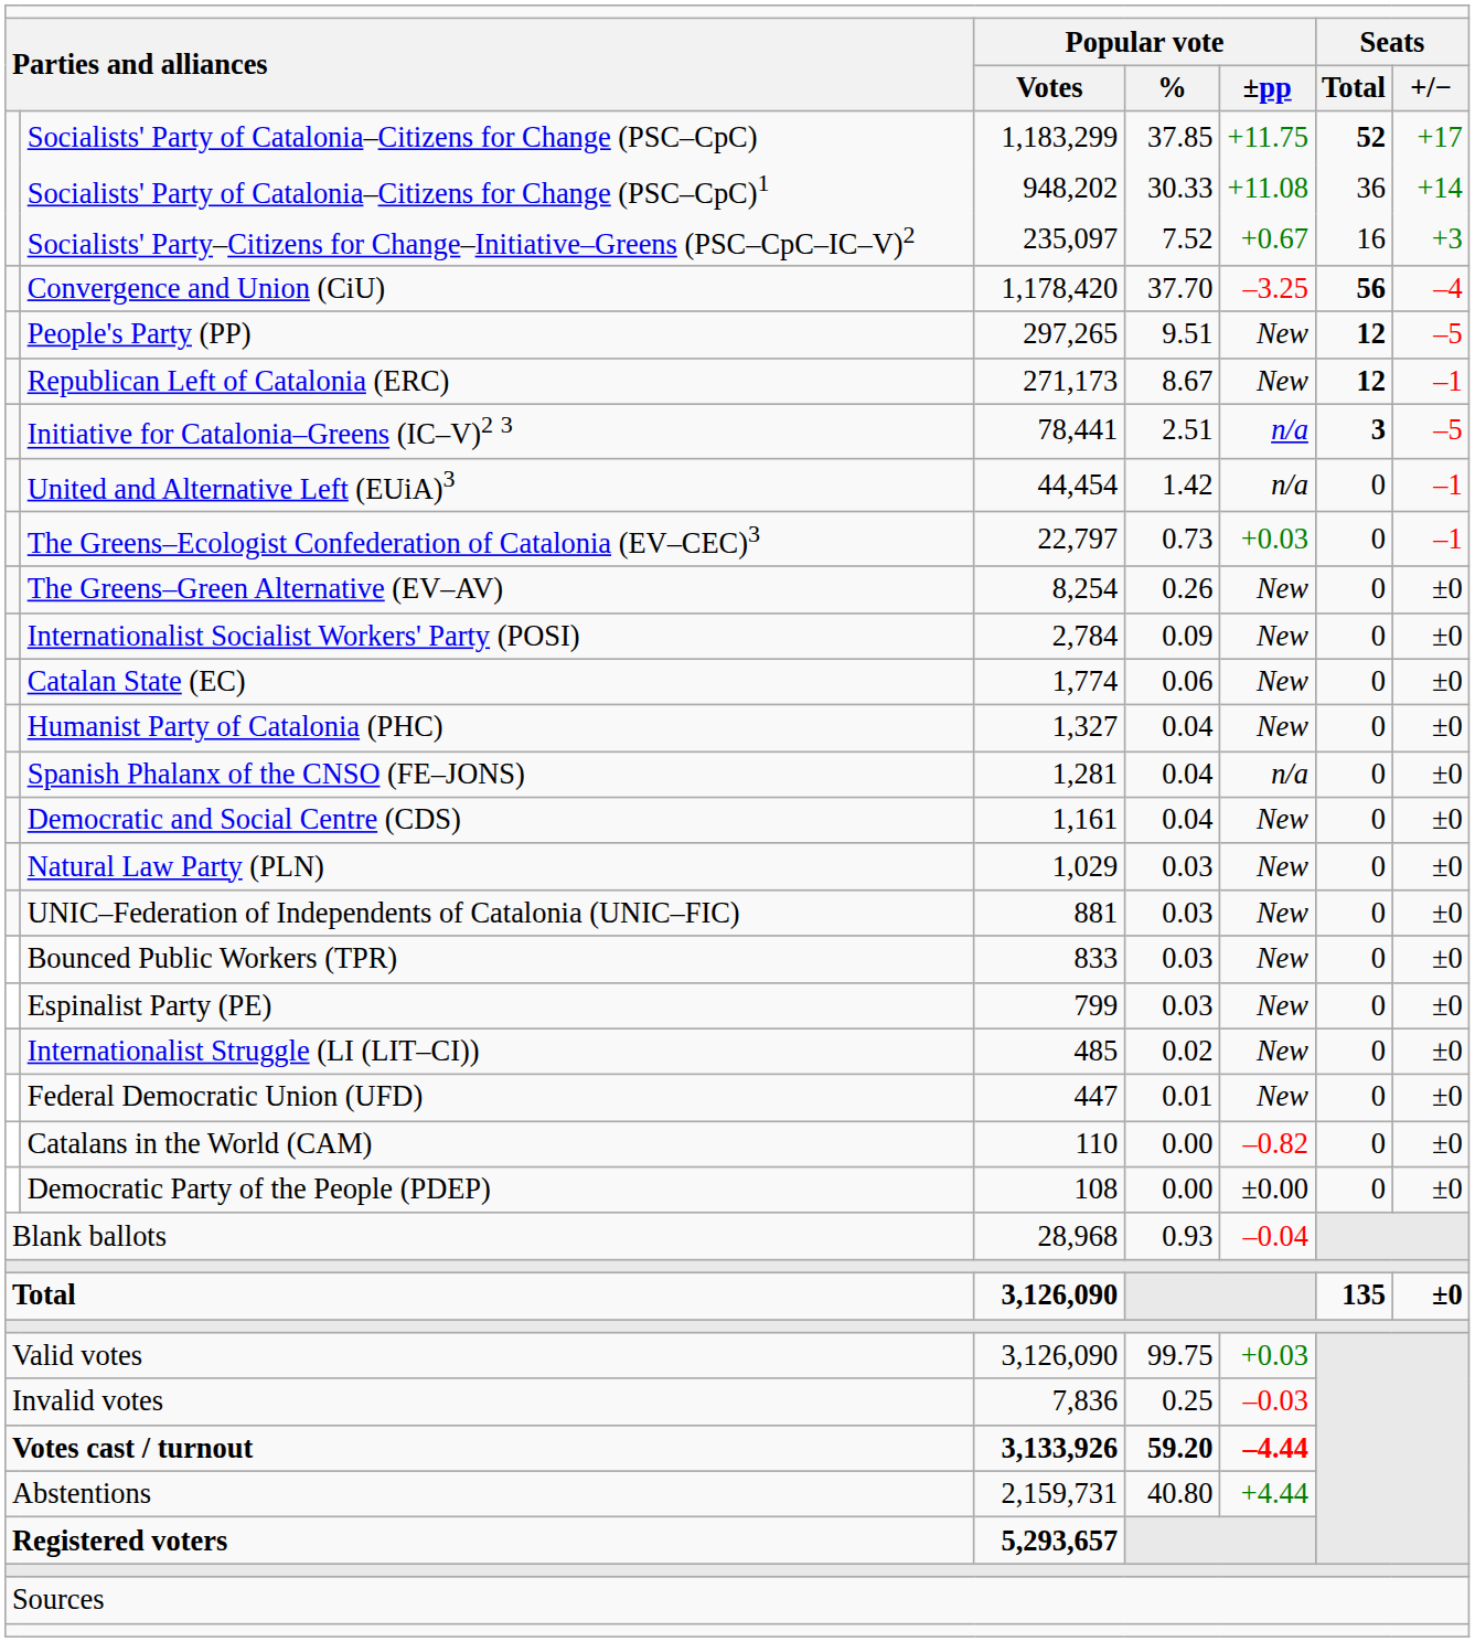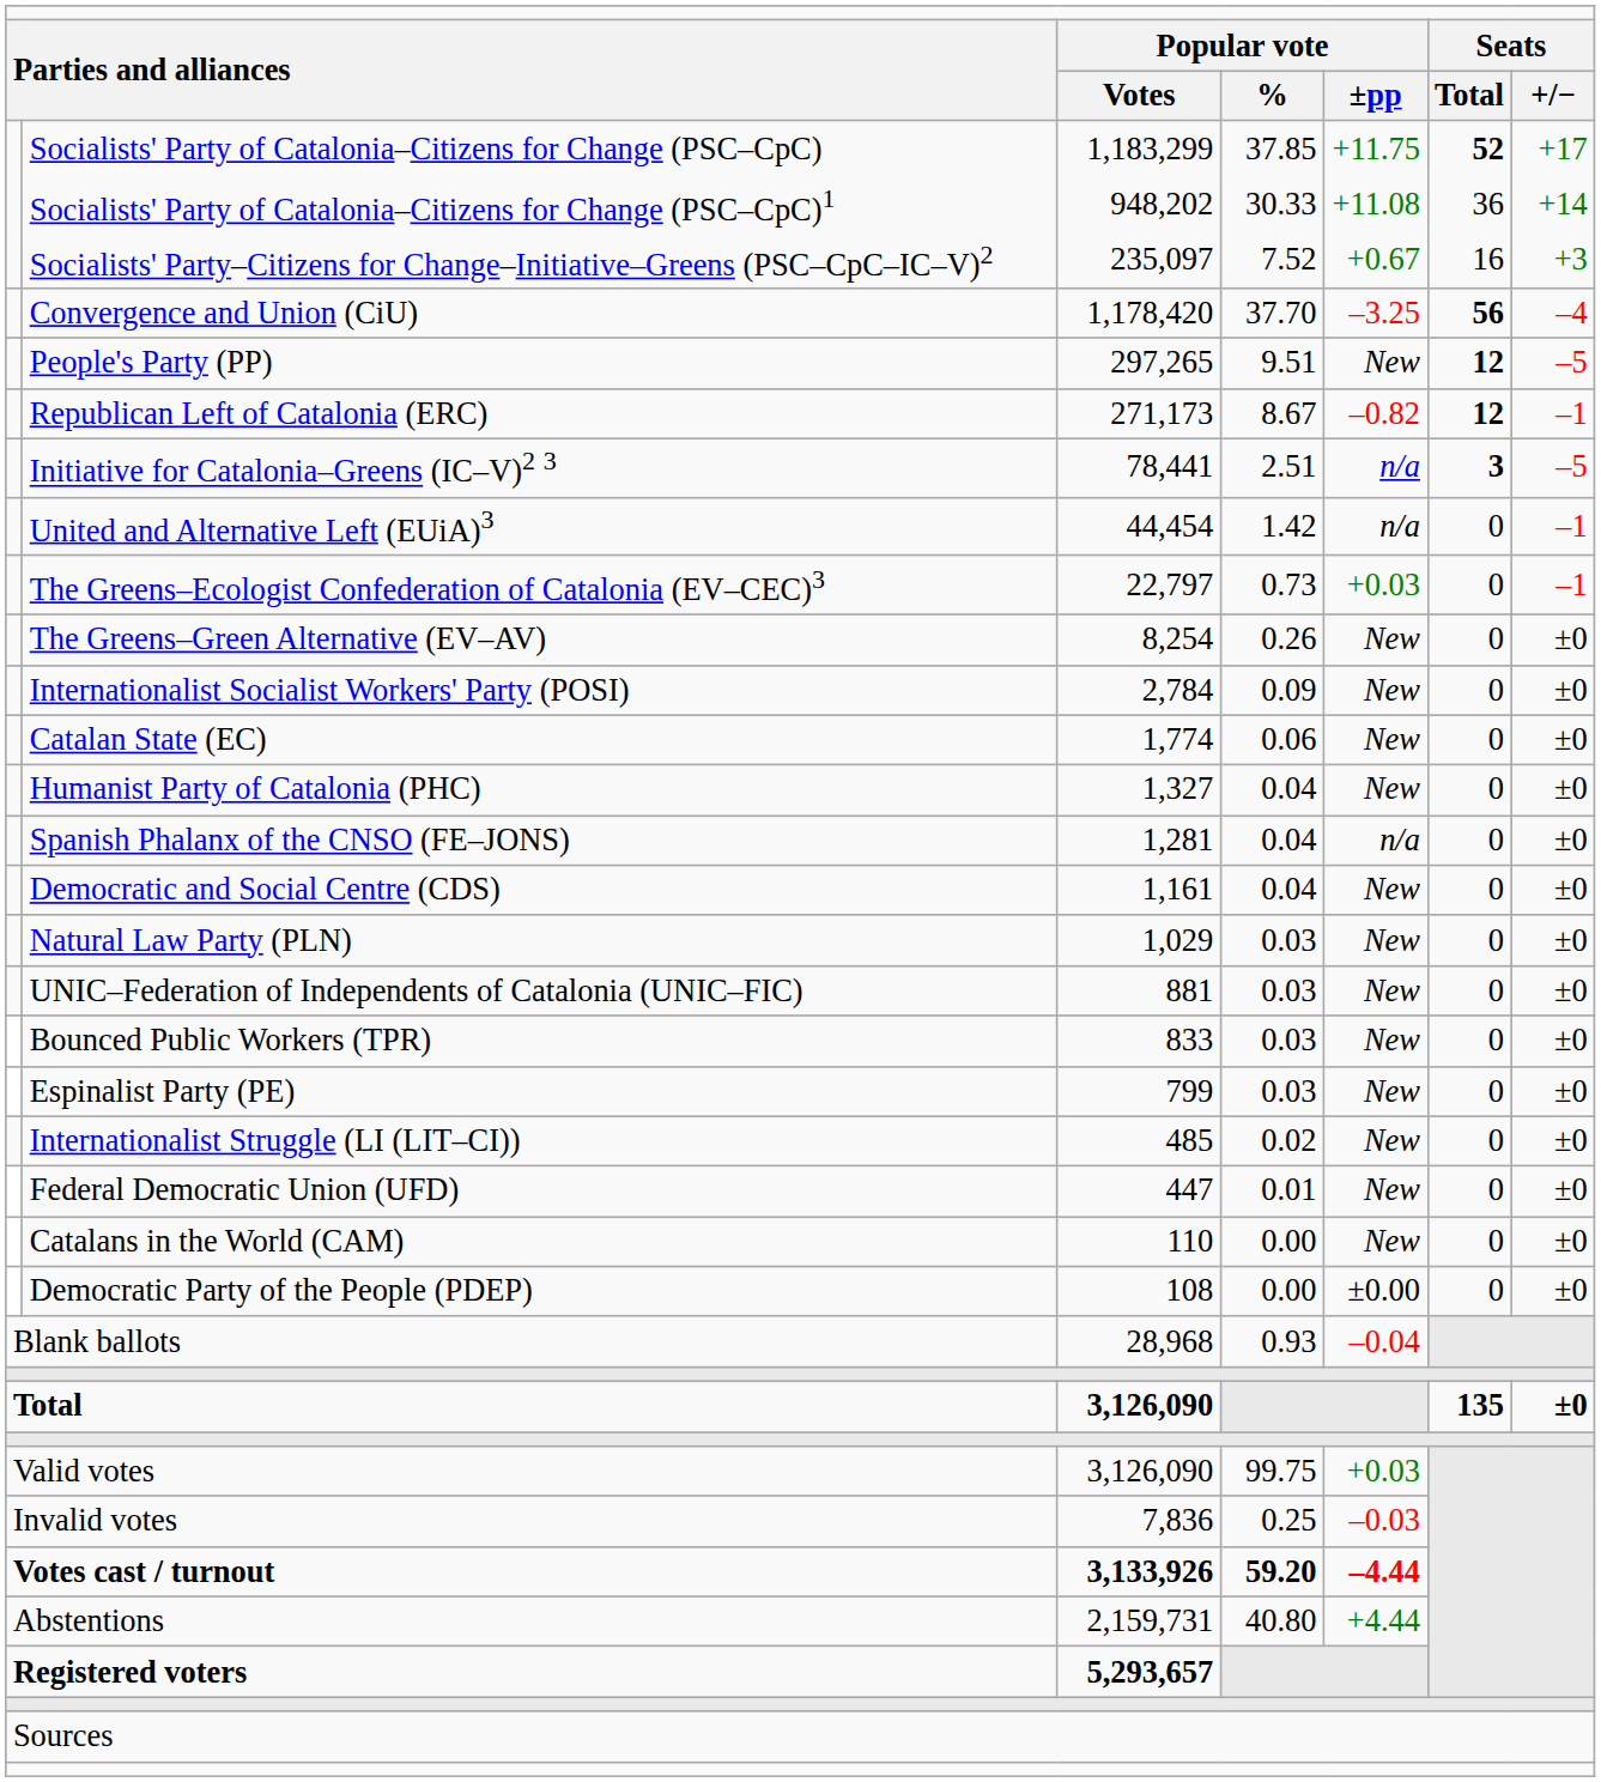 <table class="wikitable" style="text-align:right;">
 <tr>
 <td colspan="7"></td>
 </tr>
 <tr>
 <th style="text-align:left;" rowspan="2" colspan="2" width="525">Parties and alliances</th>
 <th colspan="3">Popular vote</th>
 <th colspan="2">Seats</th>
 </tr>
 <tr>
 <th width="75">Votes</th>
 <th width="45">%</th>
 <th width="45">±<a href='#'>pp</a></th>
 <th width="35">Total</th>
 <th width="35">+/−</th>
 </tr>
 <tr style="line-height:22px;">
 <td width="1" rowspan="3"></td>
 <td align="left"><a href='#'>Socialists' Party of Catalonia</a>–<a href='#'>Citizens for Change</a> (PSC–CpC)</td>
 <td>1,183,299</td>
 <td>37.85</td>
 <td style="color:green;">+11.75</td>
 <td><strong>52</strong></td>
 <td style="color:green;">+17</td>
 </tr>
 <tr style="border-bottom-style:hidden; border-top-style:hidden; line-height:16px;">
 <td align="left"><span><a href='#'>Socialists' Party of Catalonia</a>–<a href='#'>Citizens for Change</a> (PSC–CpC)<sup>1</sup></span></td>
 <td>948,202</td>
 <td>30.33</td>
 <td style="color:green;">+11.08</td>
 <td>36</td>
 <td style="color:green;">+14</td>
 </tr>
 <tr style="line-height:16px;">
 <td align="left"><span><a href='#'>Socialists' Party</a>–<a href='#'>Citizens for Change</a>–<a href='#'>Initiative–Greens</a> (PSC–CpC–IC–V)<sup>2</sup></span></td>
 <td>235,097</td>
 <td>7.52</td>
 <td style="color:green;">+0.67</td>
 <td>16</td>
 <td style="color:green;">+3</td>
 </tr>
 <tr>
 <td style="color:inherit;background:"></td>
 <td align="left"><a href='#'>Convergence and Union</a> (CiU)</td>
 <td>1,178,420</td>
 <td>37.70</td>
 <td style="color:red;">–3.25</td>
 <td><strong>56</strong></td>
 <td style="color:red;">–4</td>
 </tr>
 <tr>
 <td style="color:inherit;background:"></td>
 <td align="left"><a href='#'>People's Party</a> (PP)</td>
 <td>297,265</td>
 <td>9.51</td>
 <td><em>New</em></td>
 <td><strong>12</strong></td>
 <td style="color:red;">–5</td>
 </tr>
 <tr>
 <td style="color:inherit;background:"></td>
 <td align="left"><a href='#'>Republican Left of Catalonia</a> (ERC)</td>
 <td>271,173</td>
 <td>8.67</td>
-<td><em>New</em></td>
+<td style="color:red;">–0.82</td>
 <td><strong>12</strong></td>
 <td style="color:red;">–1</td>
 </tr>
 <tr>
 <td style="color:inherit;background:"></td>
 <td align="left"><a href='#'>Initiative for Catalonia–Greens</a> (IC–V)<sup>2</sup> <sup>3</sup></td>
 <td>78,441</td>
 <td>2.51</td>
 <td><em><a href='#'>n/a</a></em></td>
 <td><strong>3</strong></td>
 <td style="color:red;">–5</td>
 </tr>
 <tr>
 <td style="color:inherit;background:"></td>
 <td align="left"><a href='#'>United and Alternative Left</a> (EUiA)<sup>3</sup></td>
 <td>44,454</td>
 <td>1.42</td>
 <td><em>n/a</em></td>
 <td>0</td>
 <td style="color:red;">–1</td>
 </tr>
 <tr>
 <td style="color:inherit;background:"></td>
 <td align="left"><a href='#'>The Greens–Ecologist Confederation of Catalonia</a> (EV–CEC)<sup>3</sup></td>
 <td>22,797</td>
 <td>0.73</td>
 <td style="color:green;">+0.03</td>
 <td>0</td>
 <td style="color:red;">–1</td>
 </tr>
 <tr>
 <td style="color:inherit;background:"></td>
 <td align="left"><a href='#'>The Greens–Green Alternative</a> (EV–AV)</td>
 <td>8,254</td>
 <td>0.26</td>
 <td><em>New</em></td>
 <td>0</td>
 <td>±0</td>
 </tr>
 <tr>
 <td style="color:inherit;background:"></td>
 <td align="left"><a href='#'>Internationalist Socialist Workers' Party</a> (POSI)</td>
 <td>2,784</td>
 <td>0.09</td>
 <td><em>New</em></td>
 <td>0</td>
 <td>±0</td>
 </tr>
 <tr>
 <td style="color:inherit;background:"></td>
 <td align="left"><a href='#'>Catalan State</a> (EC)</td>
 <td>1,774</td>
 <td>0.06</td>
 <td><em>New</em></td>
 <td>0</td>
 <td>±0</td>
 </tr>
 <tr>
 <td style="color:inherit;background:"></td>
 <td align="left"><a href='#'>Humanist Party of Catalonia</a> (PHC)</td>
 <td>1,327</td>
 <td>0.04</td>
 <td><em>New</em></td>
 <td>0</td>
 <td>±0</td>
 </tr>
 <tr>
 <td style="color:inherit;background:"></td>
 <td align="left"><a href='#'>Spanish Phalanx of the CNSO</a> (FE–JONS)</td>
 <td>1,281</td>
 <td>0.04</td>
 <td><em>n/a</em></td>
 <td>0</td>
 <td>±0</td>
 </tr>
 <tr>
 <td style="color:inherit;background:"></td>
 <td align="left"><a href='#'>Democratic and Social Centre</a> (CDS)</td>
 <td>1,161</td>
 <td>0.04</td>
 <td><em>New</em></td>
 <td>0</td>
 <td>±0</td>
 </tr>
 <tr>
 <td style="color:inherit;background:"></td>
 <td align="left"><a href='#'>Natural Law Party</a> (PLN)</td>
 <td>1,029</td>
 <td>0.03</td>
 <td><em>New</em></td>
 <td>0</td>
 <td>±0</td>
 </tr>
 <tr>
 <td style="color:inherit;background:"></td>
 <td align="left">UNIC–Federation of Independents of Catalonia (UNIC–FIC)</td>
 <td>881</td>
 <td>0.03</td>
 <td><em>New</em></td>
 <td>0</td>
 <td>±0</td>
 </tr>
 <tr>
 <td bgcolor="white"></td>
 <td align="left">Bounced Public Workers (TPR)</td>
 <td>833</td>
 <td>0.03</td>
 <td><em>New</em></td>
 <td>0</td>
 <td>±0</td>
 </tr>
 <tr>
 <td bgcolor="white"></td>
 <td align="left">Espinalist Party (PE)</td>
 <td>799</td>
 <td>0.03</td>
 <td><em>New</em></td>
 <td>0</td>
 <td>±0</td>
 </tr>
 <tr>
 <td style="color:inherit;background:"></td>
 <td align="left"><a href='#'>Internationalist Struggle</a> (LI (LIT–CI))</td>
 <td>485</td>
 <td>0.02</td>
 <td><em>New</em></td>
 <td>0</td>
 <td>±0</td>
 </tr>
 <tr>
 <td bgcolor="white"></td>
 <td align="left">Federal Democratic Union (UFD)</td>
 <td>447</td>
 <td>0.01</td>
 <td><em>New</em></td>
 <td>0</td>
 <td>±0</td>
 </tr>
 <tr>
 <td bgcolor="white"></td>
 <td align="left">Catalans in the World (CAM)</td>
 <td>110</td>
 <td>0.00</td>
-<td style="color:red;">–0.82</td>
+<td><em>New</em></td>
 <td>0</td>
 <td>±0</td>
 </tr>
 <tr>
 <td bgcolor="white"></td>
 <td align="left">Democratic Party of the People (PDEP)</td>
 <td>108</td>
 <td>0.00</td>
 <td>±0.00</td>
 <td>0</td>
 <td>±0</td>
 </tr>
 <tr>
 <td align="left" colspan="2">Blank ballots</td>
 <td>28,968</td>
 <td>0.93</td>
 <td style="color:red;">–0.04</td>
 <td bgcolor="#E9E9E9" colspan="2"></td>
 </tr>
 <tr>
 <td colspan="7" bgcolor="#E9E9E9"></td>
 </tr>
 <tr style="font-weight:bold;">
 <td align="left" colspan="2">Total</td>
 <td>3,126,090</td>
 <td bgcolor="#E9E9E9" colspan="2"></td>
 <td>135</td>
 <td>±0</td>
 </tr>
 <tr>
 <td colspan="7" bgcolor="#E9E9E9"></td>
 </tr>
 <tr>
 <td align="left" colspan="2">Valid votes</td>
 <td>3,126,090</td>
 <td>99.75</td>
 <td style="color:green;">+0.03</td>
 <td bgcolor="#E9E9E9" colspan="2" rowspan="5"></td>
 </tr>
 <tr>
 <td align="left" colspan="2">Invalid votes</td>
 <td>7,836</td>
 <td>0.25</td>
 <td style="color:red;">–0.03</td>
 </tr>
 <tr style="font-weight:bold;">
 <td align="left" colspan="2">Votes cast / turnout</td>
 <td>3,133,926</td>
 <td>59.20</td>
 <td style="color:red;">–4.44</td>
 </tr>
 <tr>
 <td align="left" colspan="2">Abstentions</td>
 <td>2,159,731</td>
 <td>40.80</td>
 <td style="color:green;">+4.44</td>
 </tr>
 <tr style="font-weight:bold;">
 <td align="left" colspan="2">Registered voters</td>
 <td>5,293,657</td>
 <td bgcolor="#E9E9E9" colspan="2"></td>
 </tr>
 <tr>
 <td colspan="7" bgcolor="#E9E9E9"></td>
 </tr>
 <tr>
 <td align="left" colspan="7">Sources</td>
 </tr>
 <tr>
 <td colspan="7" style="text-align:left; max-width:790px;"></td>
 </tr>
 </table>
